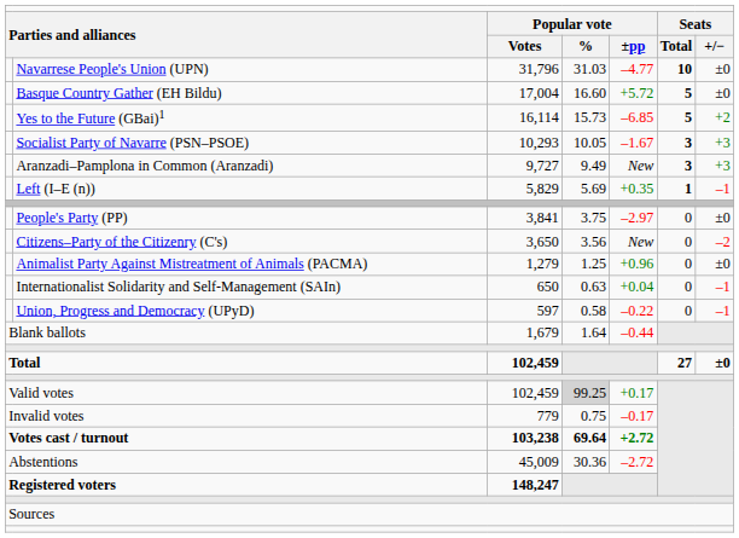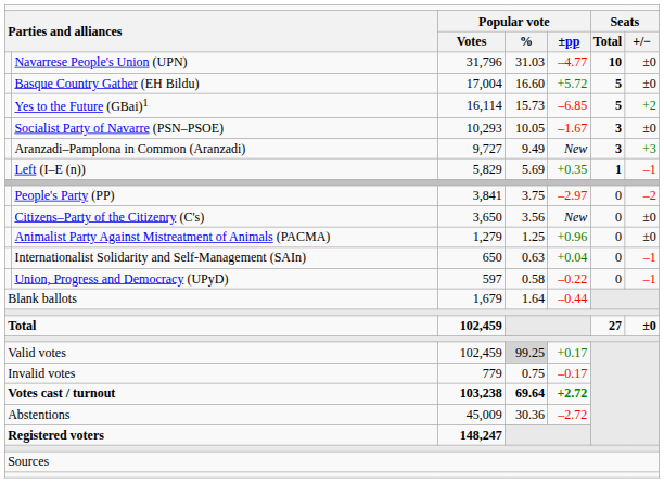 <table class="wikitable" style="text-align:right;">
 <tr>
 <td colspan="7"></td>
 </tr>
 <tr>
 <th style="text-align:left;" rowspan="2" colspan="2" width="525">Parties and alliances</th>
 <th colspan="3">Popular vote</th>
 <th colspan="2">Seats</th>
 </tr>
 <tr>
 <th width="75">Votes</th>
 <th width="45">%</th>
 <th width="45">±<a href='#'>pp</a></th>
 <th width="35">Total</th>
 <th width="35">+/−</th>
 </tr>
 <tr>
 <td width="1" style="color:inherit;background:"></td>
 <td align="left"><a href='#'>Navarrese People's Union</a> (UPN)</td>
 <td>31,796</td>
 <td>31.03</td>
 <td style="color:red;">–4.77</td>
 <td><strong>10</strong></td>
 <td>±0</td>
 </tr>
 <tr>
 <td style="color:inherit;background:"></td>
 <td align="left"><a href='#'>Basque Country Gather</a> (EH Bildu)</td>
 <td>17,004</td>
 <td>16.60</td>
 <td style="color:green;">+5.72</td>
 <td><strong>5</strong></td>
 <td>±0</td>
 </tr>
 <tr>
 <td style="color:inherit;background:"></td>
 <td align="left"><a href='#'>Yes to the Future</a> (GBai)<sup>1</sup></td>
 <td>16,114</td>
 <td>15.73</td>
 <td style="color:red;">–6.85</td>
 <td><strong>5</strong></td>
 <td style="color:green;">+2</td>
 </tr>
 <tr>
 <td style="color:inherit;background:"></td>
 <td align="left"><a href='#'>Socialist Party of Navarre</a> (PSN–PSOE)</td>
 <td>10,293</td>
 <td>10.05</td>
 <td style="color:red;">–1.67</td>
 <td><strong>3</strong></td>
-<td style="color:green;">+3</td>
+<td>±0</td>
 </tr>
 <tr>
 <td style="color:inherit;background:"></td>
 <td align="left">Aranzadi–Pamplona in Common (Aranzadi)</td>
 <td>9,727</td>
 <td>9.49</td>
 <td><em>New</em></td>
 <td><strong>3</strong></td>
 <td style="color:green;">+3</td>
 </tr>
 <tr>
 <td style="color:inherit;background:"></td>
 <td align="left"><a href='#'>Left</a> (I–E (n))</td>
 <td>5,829</td>
 <td>5.69</td>
 <td style="color:green;">+0.35</td>
 <td><strong>1</strong></td>
 <td style="color:red;">–1</td>
 </tr>
 <tr>
 <td colspan="7" bgcolor="#C0C0C0"></td>
 </tr>
 <tr>
 <td style="color:inherit;background:"></td>
 <td align="left"><a href='#'>People's Party</a> (PP)</td>
 <td>3,841</td>
 <td>3.75</td>
 <td style="color:red;">–2.97</td>
 <td>0</td>
-<td>±0</td>
+<td style="color:red;">–2</td>
 </tr>
 <tr>
 <td style="color:inherit;background:"></td>
 <td align="left"><a href='#'>Citizens–Party of the Citizenry</a> (C's)</td>
 <td>3,650</td>
 <td>3.56</td>
 <td><em>New</em></td>
 <td>0</td>
-<td style="color:red;">–2</td>
+<td>±0</td>
 </tr>
 <tr>
 <td style="color:inherit;background:"></td>
 <td align="left"><a href='#'>Animalist Party Against Mistreatment of Animals</a> (PACMA)</td>
 <td>1,279</td>
 <td>1.25</td>
 <td style="color:green;">+0.96</td>
 <td>0</td>
 <td>±0</td>
 </tr>
 <tr>
 <td style="color:inherit;background:"></td>
 <td align="left">Internationalist Solidarity and Self-Management (SAIn)</td>
 <td>650</td>
 <td>0.63</td>
 <td style="color:green;">+0.04</td>
 <td>0</td>
 <td style="color:red;">–1</td>
 </tr>
 <tr>
 <td style="color:inherit;background:"></td>
 <td align="left"><a href='#'>Union, Progress and Democracy</a> (UPyD)</td>
 <td>597</td>
 <td>0.58</td>
 <td style="color:red;">–0.22</td>
 <td>0</td>
 <td style="color:red;">–1</td>
 </tr>
 <tr>
 <td align="left" colspan="2">Blank ballots</td>
 <td>1,679</td>
 <td>1.64</td>
 <td style="color:red;">–0.44</td>
 <td bgcolor="#E9E9E9" colspan="2"></td>
 </tr>
 <tr>
 <td colspan="7" bgcolor="#E9E9E9"></td>
 </tr>
 <tr style="font-weight:bold;">
 <td align="left" colspan="2">Total</td>
 <td>102,459</td>
 <td bgcolor="#E9E9E9" colspan="2"></td>
 <td>27</td>
 <td>±0</td>
 </tr>
 <tr>
 <td colspan="7" bgcolor="#E9E9E9"></td>
 </tr>
 <tr>
 <td align="left" colspan="2">Valid votes</td>
 <td>102,459</td>
 <td style="background: lightgrey;">99.25</td>
 <td style="color:green;">+0.17</td>
 <td bgcolor="#E9E9E9" colspan="2" rowspan="5"></td>
 </tr>
 <tr>
 <td align="left" colspan="2">Invalid votes</td>
 <td>779</td>
 <td>0.75</td>
 <td style="color:red;">–0.17</td>
 </tr>
 <tr style="font-weight:bold;">
 <td align="left" colspan="2">Votes cast / turnout</td>
 <td>103,238</td>
 <td>69.64</td>
 <td style="color:green;">+2.72</td>
 </tr>
 <tr>
 <td align="left" colspan="2">Abstentions</td>
 <td>45,009</td>
 <td>30.36</td>
 <td style="color:red;">–2.72</td>
 </tr>
 <tr style="font-weight:bold;">
 <td align="left" colspan="2">Registered voters</td>
 <td>148,247</td>
 <td bgcolor="#E9E9E9" colspan="2"></td>
 </tr>
 <tr>
 <td colspan="7" bgcolor="#E9E9E9"></td>
 </tr>
 <tr>
 <td align="left" colspan="7">Sources</td>
 </tr>
 <tr>
 <td colspan="7" style="text-align:left; max-width:790px;"></td>
 </tr>
 </table>
